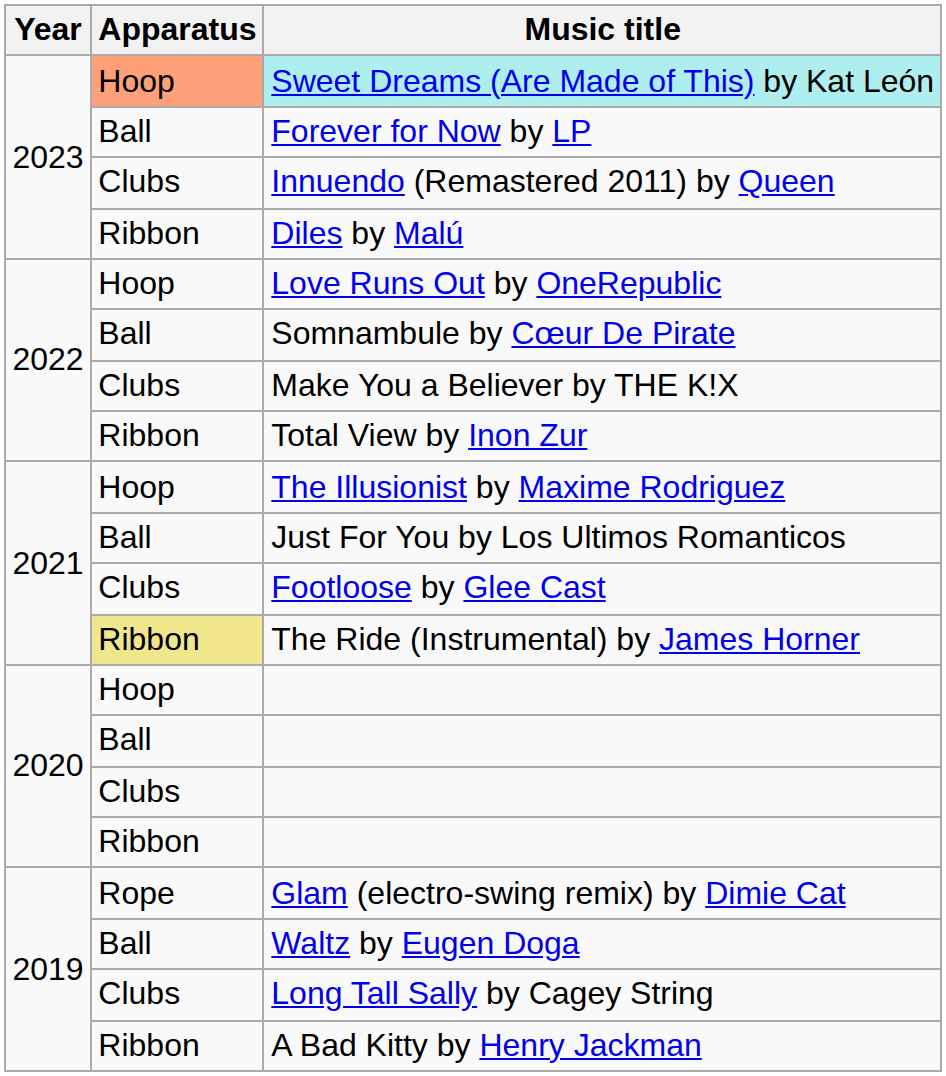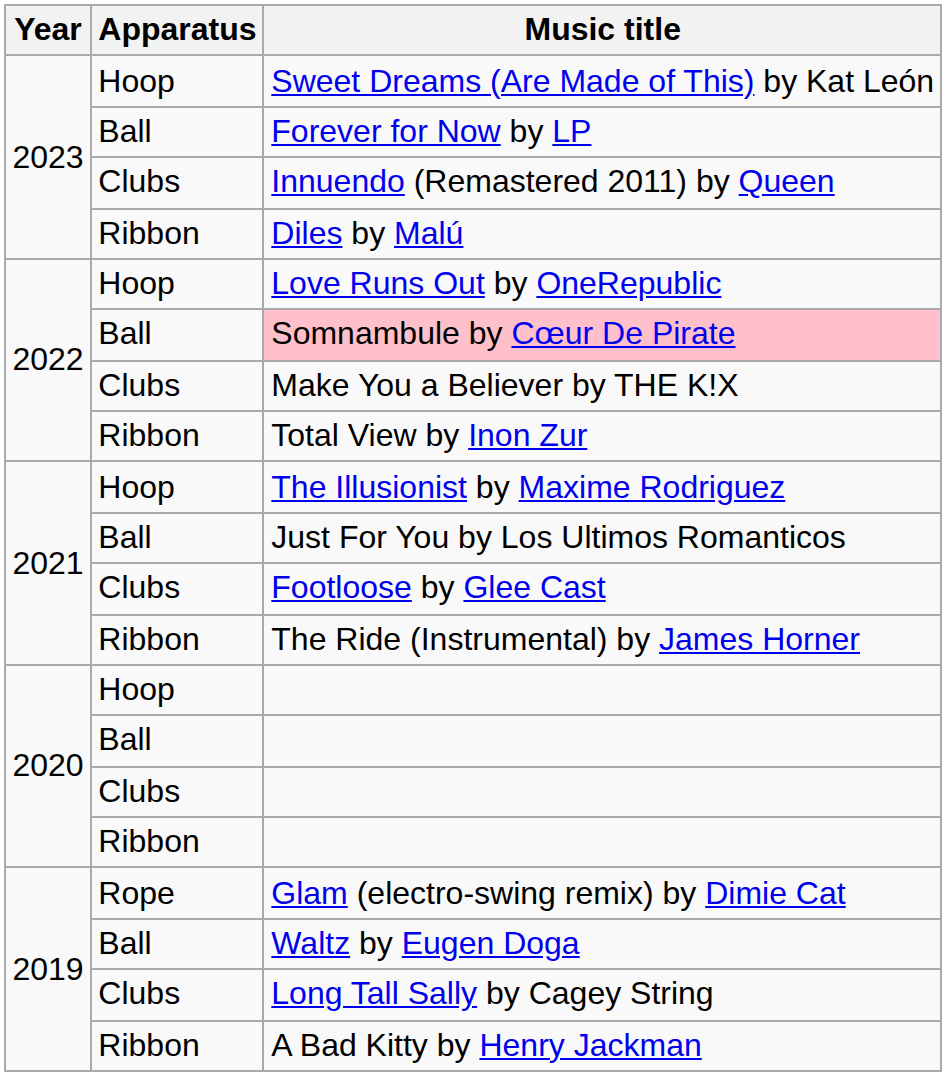 <table class="wikitable">
 <tr>
 <th>Year</th>
 <th>Apparatus</th>
 <th>Music title</th>
 </tr>
 <tr>
 <td rowspan="4">2023</td>
-<td style="background: lightsalmon;">Hoop</td>
-<td style="background: paleturquoise;"><a href='#'>Sweet Dreams (Are Made of This)</a> by Kat León</td>
+<td>Hoop</td>
+<td><a href='#'>Sweet Dreams (Are Made of This)</a> by Kat León</td>
 </tr>
 <tr>
 <td>Ball</td>
 <td><a href='#'>Forever for Now</a> by <a href='#'>LP</a></td>
 </tr>
 <tr>
 <td>Clubs</td>
 <td><a href='#'>Innuendo</a> (Remastered 2011) by <a href='#'>Queen</a></td>
 </tr>
 <tr>
 <td>Ribbon</td>
 <td><a href='#'>Diles</a> by <a href='#'>Malú</a></td>
 </tr>
 <tr>
 <td rowspan="4">2022</td>
 <td>Hoop</td>
 <td><a href='#'>Love Runs Out</a> by <a href='#'>OneRepublic</a></td>
 </tr>
 <tr>
 <td>Ball</td>
-<td>Somnambule by <a href='#'>Cœur De Pirate</a></td>
+<td style="background: pink;">Somnambule by <a href='#'>Cœur De Pirate</a></td>
 </tr>
 <tr>
 <td>Clubs</td>
 <td>Make You a Believer by THE K!X</td>
 </tr>
 <tr>
 <td>Ribbon</td>
 <td>Total View by <a href='#'>Inon Zur</a></td>
 </tr>
 <tr>
 <td rowspan="4">2021</td>
 <td>Hoop</td>
 <td><a href='#'>The Illusionist</a> by <a href='#'>Maxime Rodriguez</a></td>
 </tr>
 <tr>
 <td>Ball</td>
 <td>Just For You by Los Ultimos Romanticos</td>
 </tr>
 <tr>
 <td>Clubs</td>
 <td><a href='#'>Footloose</a> by <a href='#'>Glee Cast</a></td>
 </tr>
 <tr>
-<td style="background: khaki;">Ribbon</td>
+<td>Ribbon</td>
 <td>The Ride (Instrumental) by <a href='#'>James Horner</a></td>
 </tr>
 <tr>
 <td rowspan="4">2020</td>
 <td>Hoop</td>
 <td></td>
 </tr>
 <tr>
 <td>Ball</td>
 <td></td>
 </tr>
 <tr>
 <td>Clubs</td>
 <td></td>
 </tr>
 <tr>
 <td>Ribbon</td>
 <td></td>
 </tr>
 <tr>
 <td rowspan="4">2019</td>
 <td>Rope</td>
 <td><a href='#'>Glam</a> (electro-swing remix) by <a href='#'>Dimie Cat</a></td>
 </tr>
 <tr>
 <td>Ball</td>
 <td><a href='#'>Waltz</a> by <a href='#'>Eugen Doga</a></td>
 </tr>
 <tr>
 <td>Clubs</td>
 <td><a href='#'>Long Tall Sally</a> by Cagey String</td>
 </tr>
 <tr>
 <td>Ribbon</td>
 <td>A Bad Kitty by <a href='#'>Henry Jackman</a></td>
 </tr>
 </table>
